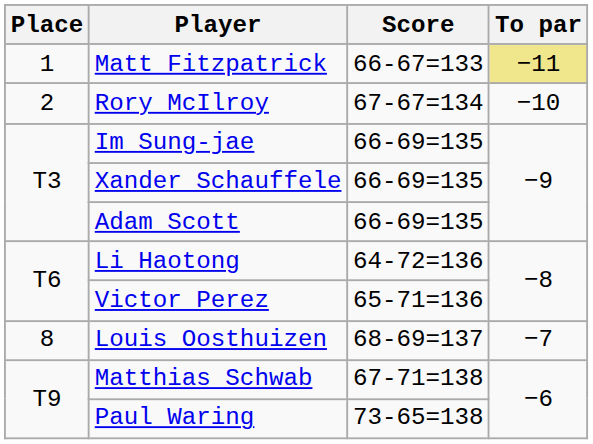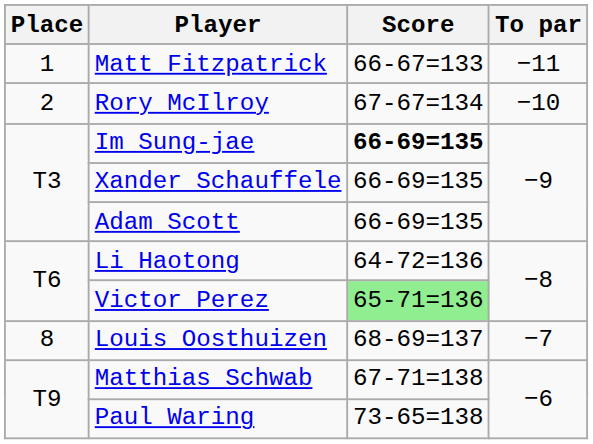 <table class="wikitable">
 <tr>
 <th>Place</th>
 <th>Player</th>
 <th>Score</th>
 <th>To par</th>
 </tr>
 <tr>
 <td align=center>1</td>
 <td> <a href='#'>Matt Fitzpatrick</a></td>
 <td align=center>66-67=133</td>
-<td align=center style="background: khaki;">−11</td>
+<td align=center>−11</td>
 </tr>
 <tr>
 <td align=center>2</td>
 <td> <a href='#'>Rory McIlroy</a></td>
 <td align=center>67-67=134</td>
 <td align=center>−10</td>
 </tr>
 <tr>
 <td rowspan=3 align=center>T3</td>
 <td> <a href='#'>Im Sung-jae</a></td>
-<td align=center>66-69=135</td>
+<td align=center><strong>66-69=135</strong></td>
 <td rowspan=3 align=center>−9</td>
 </tr>
 <tr>
 <td> <a href='#'>Xander Schauffele</a></td>
 <td align=center>66-69=135</td>
 </tr>
 <tr>
 <td> <a href='#'>Adam Scott</a></td>
 <td align=center>66-69=135</td>
 </tr>
 <tr>
 <td rowspan=2 align=center>T6</td>
 <td> <a href='#'>Li Haotong</a></td>
 <td align=center>64-72=136</td>
 <td rowspan=2 align=center>−8</td>
 </tr>
 <tr>
 <td> <a href='#'>Victor Perez</a></td>
-<td align=center>65-71=136</td>
+<td align=center style="background: lightgreen;">65-71=136</td>
 </tr>
 <tr>
 <td align=center>8</td>
 <td> <a href='#'>Louis Oosthuizen</a></td>
 <td align=center>68-69=137</td>
 <td align=center>−7</td>
 </tr>
 <tr>
 <td rowspan=2 align=center>T9</td>
 <td> <a href='#'>Matthias Schwab</a></td>
 <td align=center>67-71=138</td>
 <td rowspan=2 align=center>−6</td>
 </tr>
 <tr>
 <td> <a href='#'>Paul Waring</a></td>
 <td align=center>73-65=138</td>
 </tr>
 </table>
